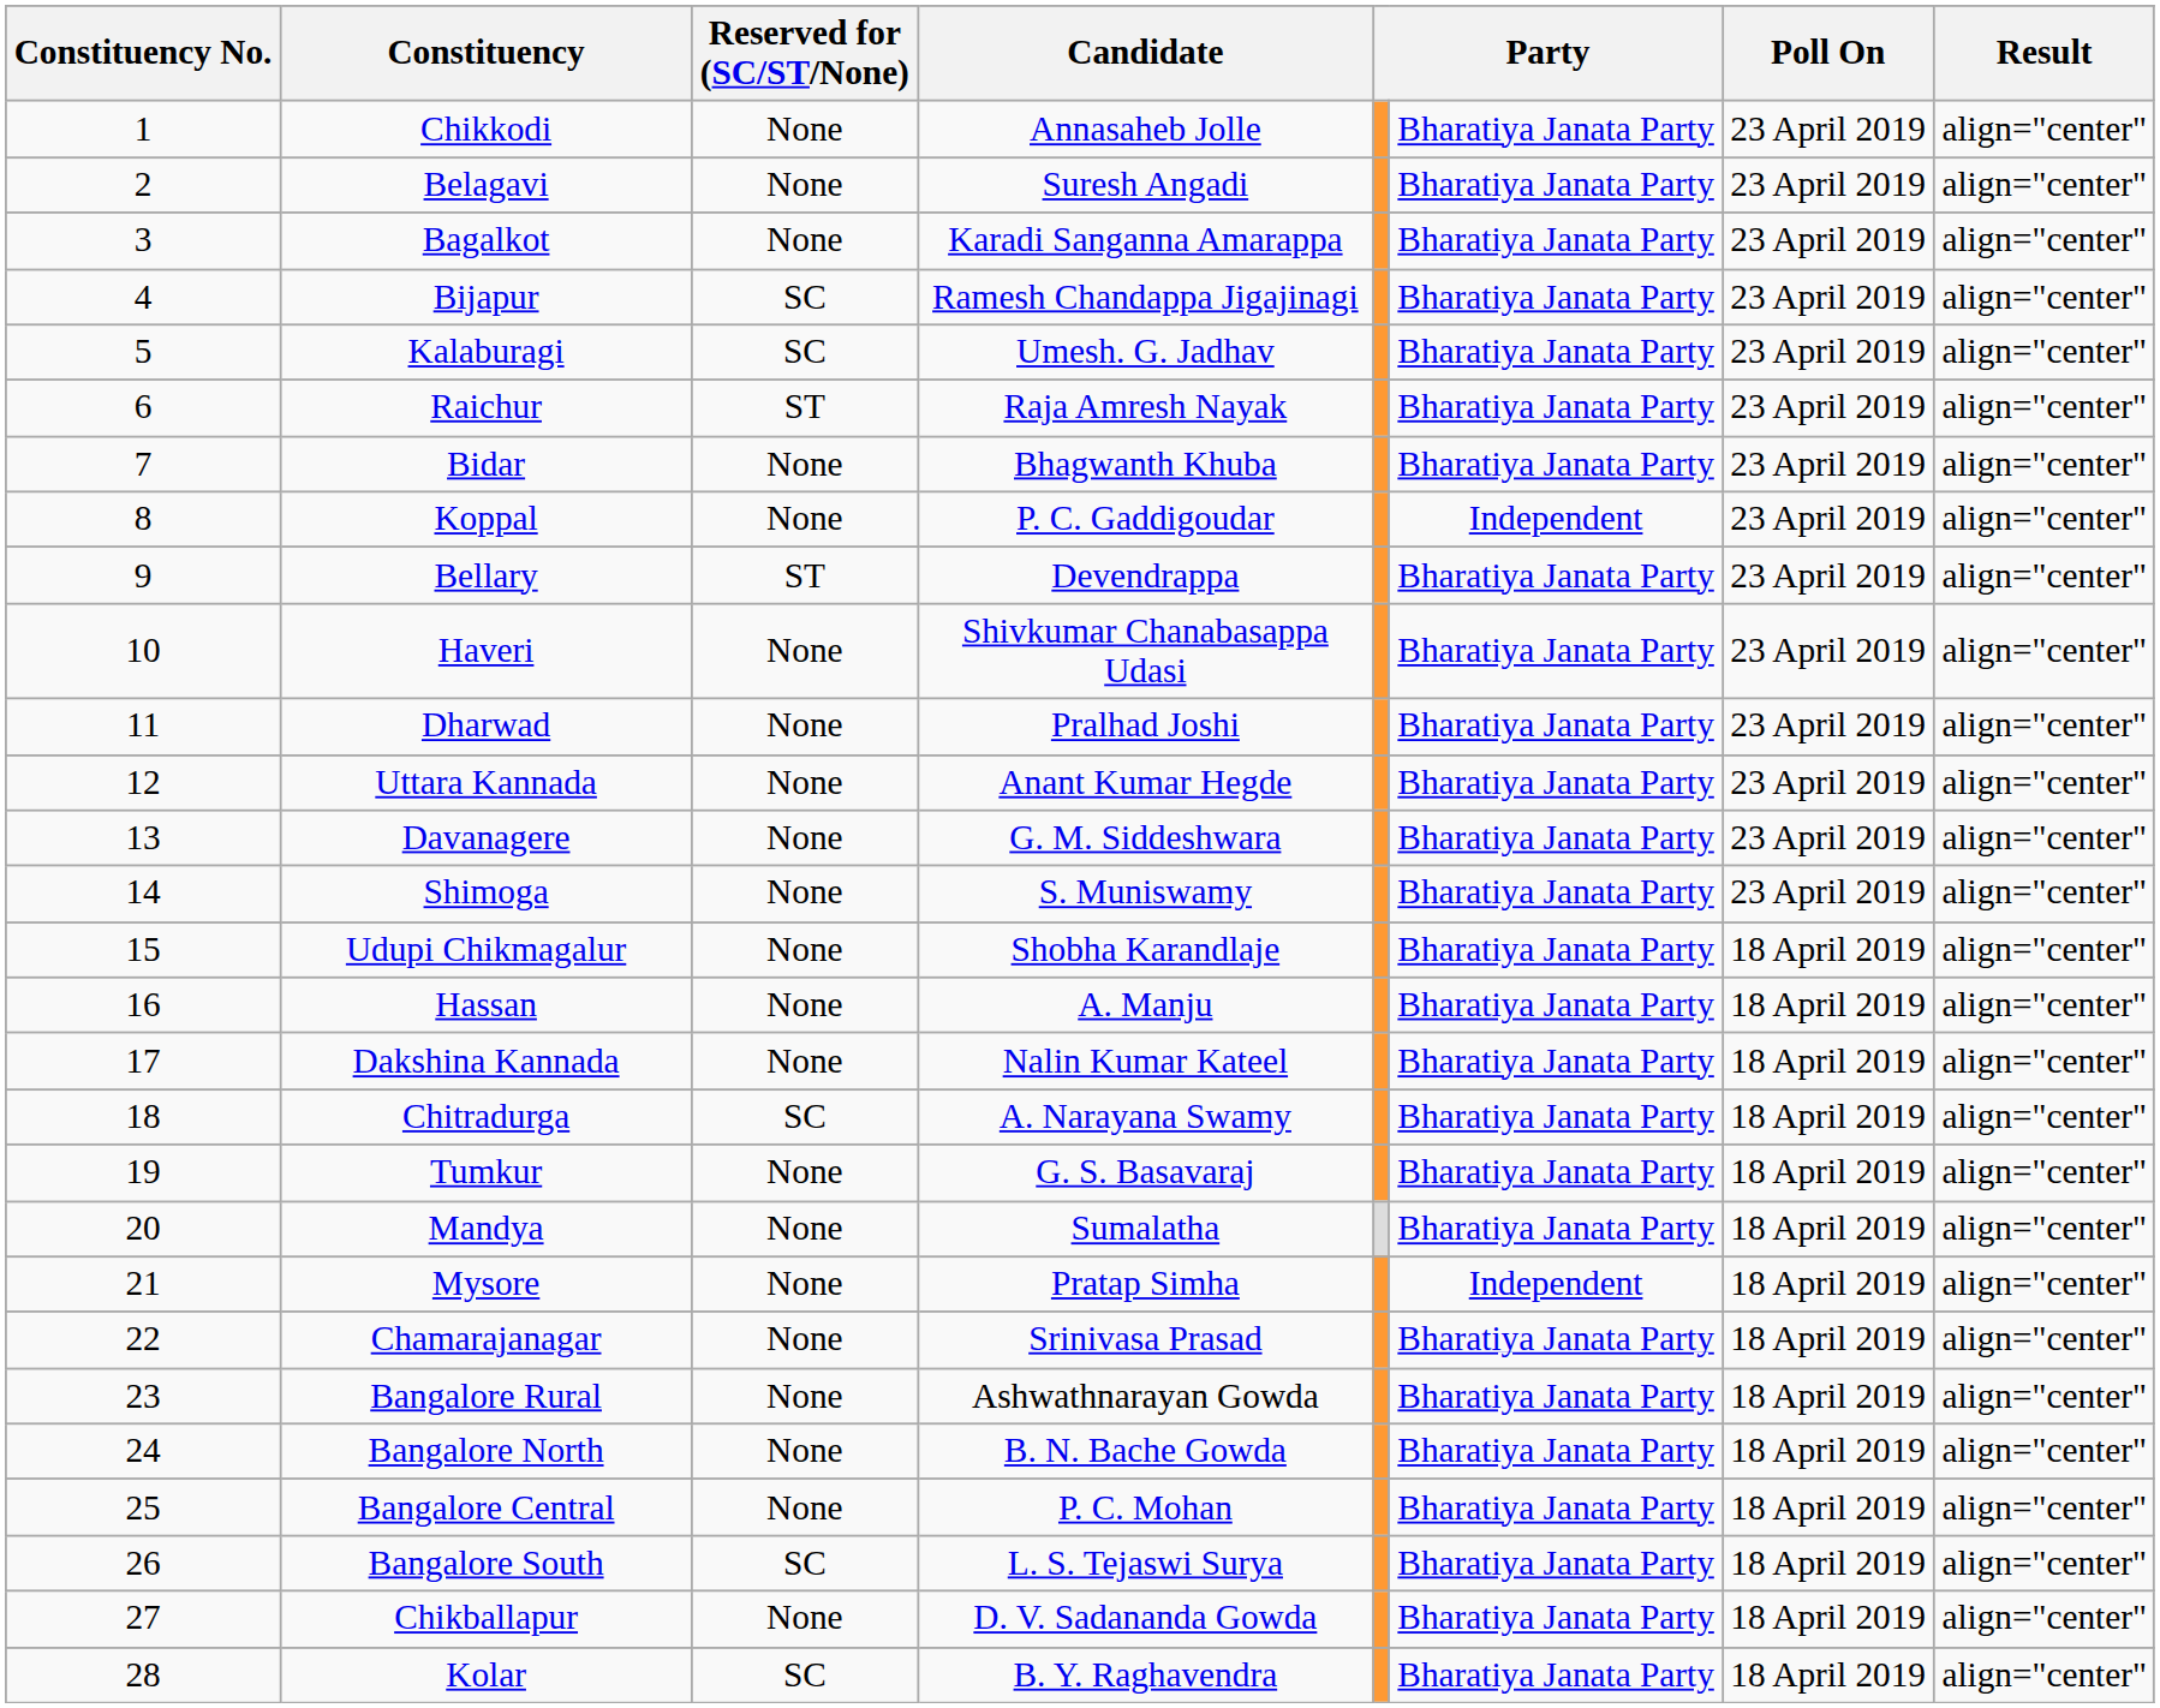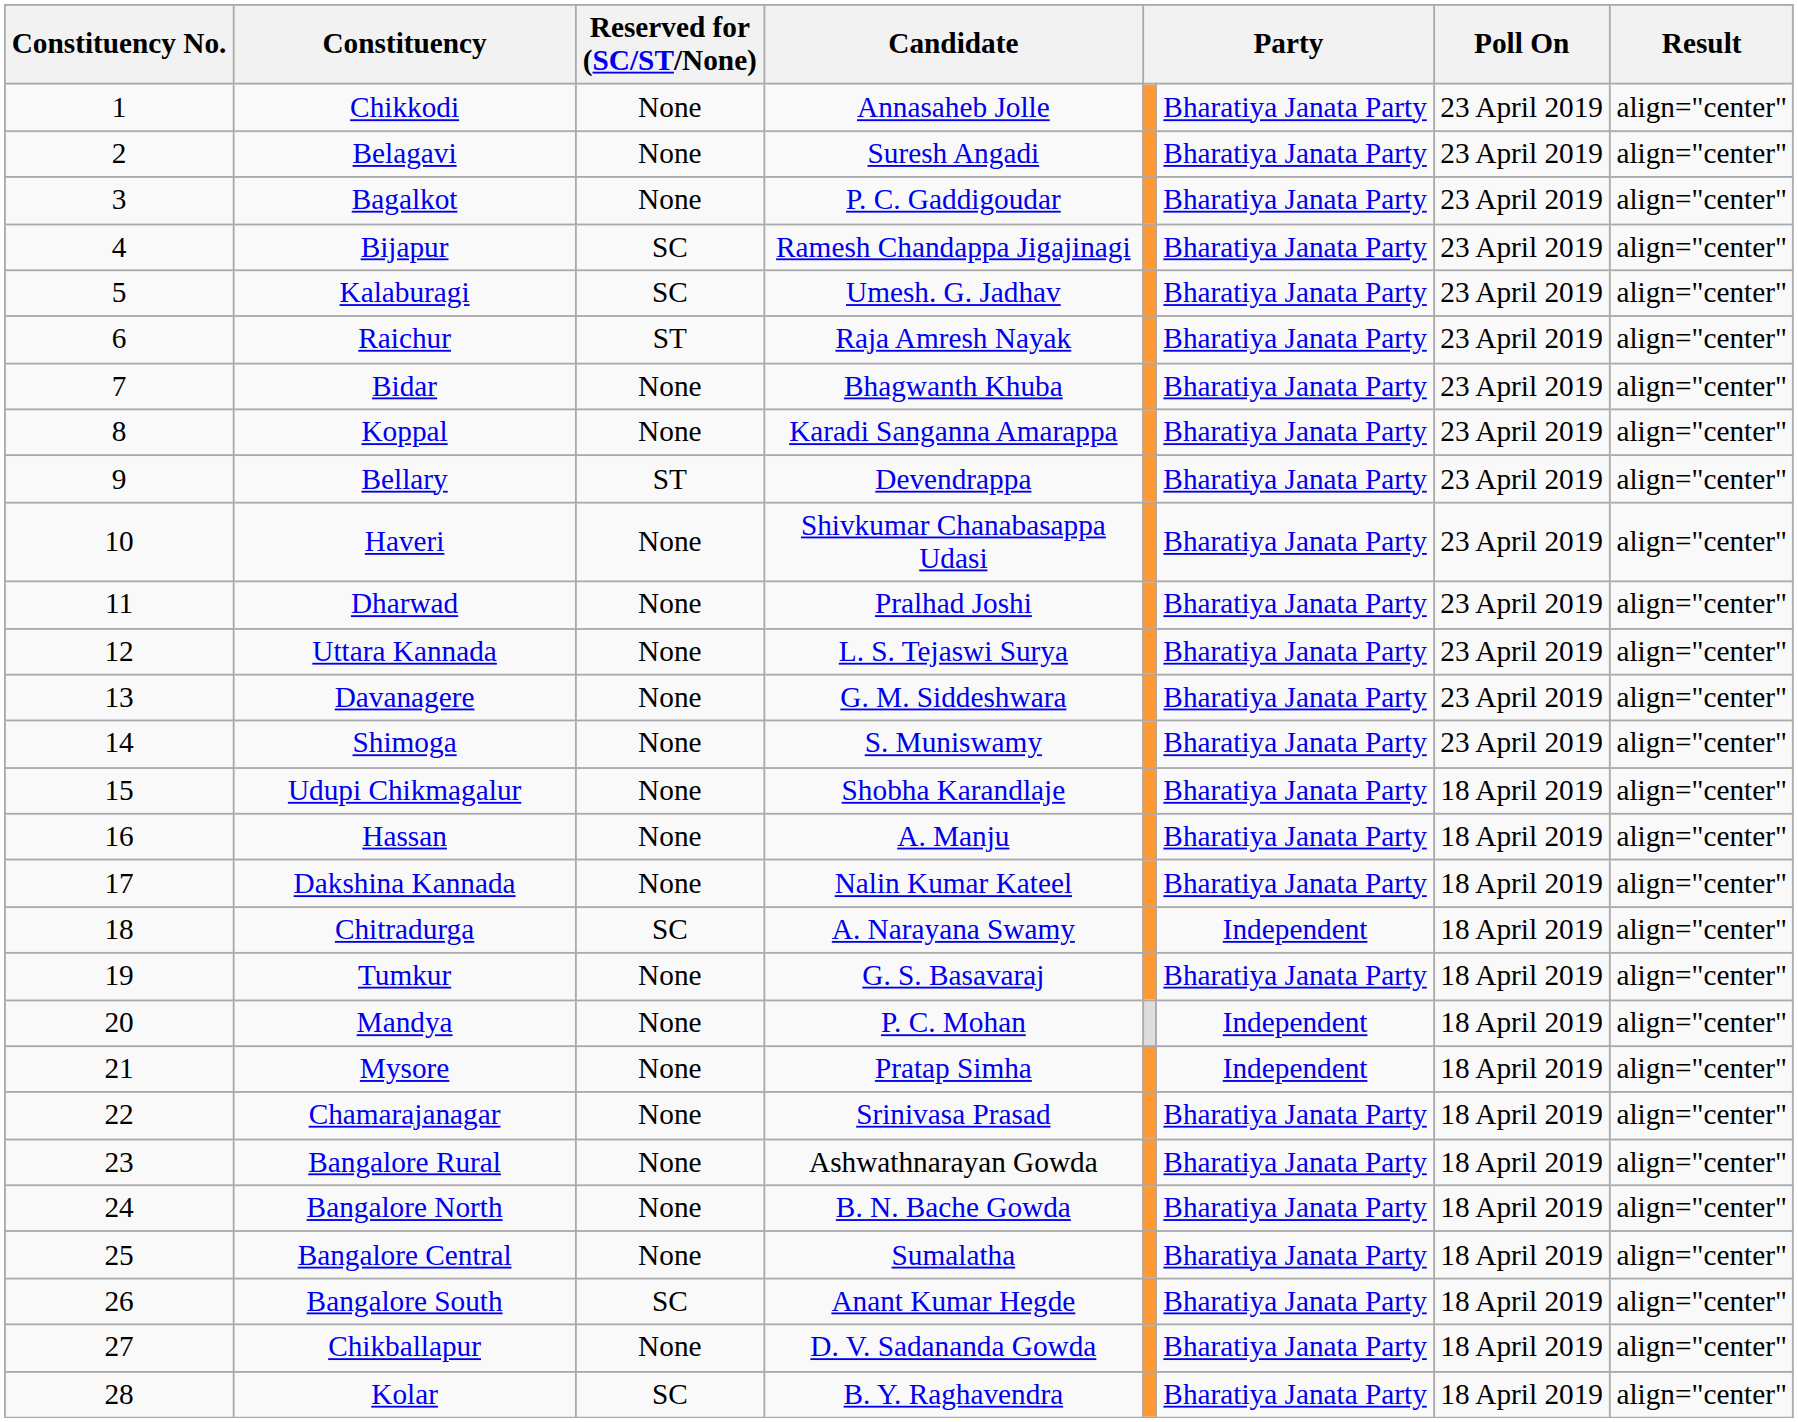 <table class="wikitable sortable" style="text-align:center;">
 <tr>
 <th>Constituency No.</th>
 <th style="width:180px;">Constituency</th>
 <th>Reserved for<br>(<a href='#'>SC/ST</a>/None)</th>
 <th style="width:200px;">Candidate</th>
 <th colspan="2">Party</th>
 <th>Poll On</th>
 <th>Result</th>
 </tr>
 <tr>
 <td align="center">1</td>
 <td><a href='#'>Chikkodi</a></td>
 <td align="center">None</td>
 <td><a href='#'>Annasaheb Jolle</a></td>
 <td bgcolor="#FF9933"></td>
 <td><a href='#'>Bharatiya Janata Party</a></td>
 <td align="center">23 April 2019</td>
 <td>align="center" </td>
 </tr>
 <tr>
 <td align="center">2</td>
 <td><a href='#'>Belagavi</a></td>
 <td align="center">None</td>
 <td><a href='#'>Suresh Angadi</a></td>
 <td bgcolor=#FF9933></td>
 <td><a href='#'>Bharatiya Janata Party</a></td>
 <td align="center">23 April 2019</td>
 <td>align="center" </td>
 </tr>
 <tr>
 <td align="center">3</td>
 <td><a href='#'>Bagalkot</a></td>
 <td align="center">None</td>
-<td><a href='#'>Karadi Sanganna Amarappa</a></td>
+<td><a href='#'>P. C. Gaddigoudar</a></td>
 <td bgcolor=#FF9933></td>
 <td><a href='#'>Bharatiya Janata Party</a></td>
 <td align="center">23 April 2019</td>
 <td>align="center" </td>
 </tr>
 <tr>
 <td align="center">4</td>
 <td><a href='#'>Bijapur</a></td>
 <td align="center">SC</td>
 <td><a href='#'>Ramesh Chandappa Jigajinagi</a></td>
 <td bgcolor=#FF9933></td>
 <td><a href='#'>Bharatiya Janata Party</a></td>
 <td align="center">23 April 2019</td>
 <td>align="center" </td>
 </tr>
 <tr>
 <td align="center">5</td>
 <td><a href='#'>Kalaburagi</a></td>
 <td align="center">SC</td>
 <td><a href='#'>Umesh. G. Jadhav</a></td>
 <td bgcolor=#FF9933></td>
 <td><a href='#'>Bharatiya Janata Party</a></td>
 <td align="center">23 April 2019</td>
 <td>align="center" </td>
 </tr>
 <tr>
 <td align="center">6</td>
 <td><a href='#'>Raichur</a></td>
 <td align="center">ST</td>
 <td><a href='#'>Raja Amresh Nayak</a></td>
 <td bgcolor="#FF9933"></td>
 <td><a href='#'>Bharatiya Janata Party</a></td>
 <td align="center">23 April 2019</td>
 <td>align="center" </td>
 </tr>
 <tr>
 <td align="center">7</td>
 <td><a href='#'>Bidar</a></td>
 <td align="center">None</td>
 <td><a href='#'>Bhagwanth Khuba</a></td>
 <td bgcolor=#FF9933></td>
 <td><a href='#'>Bharatiya Janata Party</a></td>
 <td align="center">23 April 2019</td>
 <td>align="center" </td>
 </tr>
 <tr>
 <td align="center">8</td>
 <td><a href='#'>Koppal</a></td>
 <td align="center">None</td>
-<td><a href='#'>P. C. Gaddigoudar</a></td>
+<td><a href='#'>Karadi Sanganna Amarappa</a></td>
 <td bgcolor="#FF9933"></td>
-<td><a href='#'>Independent</a></td>
+<td><a href='#'>Bharatiya Janata Party</a></td>
 <td align="center">23 April 2019</td>
 <td>align="center" </td>
 </tr>
 <tr>
 <td align="center">9</td>
 <td><a href='#'>Bellary</a></td>
 <td align="center">ST</td>
 <td><a href='#'>Devendrappa</a></td>
 <td bgcolor=#FF9933></td>
 <td><a href='#'>Bharatiya Janata Party</a></td>
 <td align="center">23 April 2019</td>
 <td>align="center" </td>
 </tr>
 <tr>
 <td align="center">10</td>
 <td><a href='#'>Haveri</a></td>
 <td align="center">None</td>
 <td><a href='#'>Shivkumar Chanabasappa Udasi</a></td>
 <td bgcolor=#FF9933></td>
 <td><a href='#'>Bharatiya Janata Party</a></td>
 <td align="center">23 April 2019</td>
 <td>align="center" </td>
 </tr>
 <tr>
 <td align="center">11</td>
 <td><a href='#'>Dharwad</a></td>
 <td align="center">None</td>
 <td><a href='#'>Pralhad Joshi</a></td>
 <td bgcolor=#FF9933></td>
 <td><a href='#'>Bharatiya Janata Party</a></td>
 <td align="center">23 April 2019</td>
 <td>align="center" </td>
 </tr>
 <tr>
 <td align="center">12</td>
 <td><a href='#'>Uttara Kannada</a></td>
 <td align="center">None</td>
-<td><a href='#'>Anant Kumar Hegde</a></td>
+<td><a href='#'>L. S. Tejaswi Surya</a></td>
 <td bgcolor=#FF9933></td>
 <td><a href='#'>Bharatiya Janata Party</a></td>
 <td align="center">23 April 2019</td>
 <td>align="center" </td>
 </tr>
 <tr>
 <td align="center">13</td>
 <td><a href='#'>Davanagere</a></td>
 <td align="center">None</td>
 <td><a href='#'>G. M. Siddeshwara</a></td>
 <td bgcolor=#FF9933></td>
 <td><a href='#'>Bharatiya Janata Party</a></td>
 <td align="center">23 April 2019</td>
 <td>align="center" </td>
 </tr>
 <tr>
 <td align="center">14</td>
 <td><a href='#'>Shimoga</a></td>
 <td align="center">None</td>
 <td><a href='#'>S. Muniswamy</a></td>
 <td bgcolor=#FF9933></td>
 <td><a href='#'>Bharatiya Janata Party</a></td>
 <td align="center">23 April 2019</td>
 <td>align="center" </td>
 </tr>
 <tr>
 <td align="center">15</td>
 <td><a href='#'>Udupi Chikmagalur</a></td>
 <td align="center">None</td>
 <td><a href='#'>Shobha Karandlaje</a></td>
 <td bgcolor=#FF9933></td>
 <td><a href='#'>Bharatiya Janata Party</a></td>
 <td align="center">18 April 2019</td>
 <td>align="center" </td>
 </tr>
 <tr>
 <td align="center">16</td>
 <td><a href='#'>Hassan</a></td>
 <td align="center">None</td>
 <td><a href='#'>A. Manju</a></td>
 <td bgcolor=#FF9933></td>
 <td><a href='#'>Bharatiya Janata Party</a></td>
 <td align="center">18 April 2019</td>
 <td>align="center" </td>
 </tr>
 <tr>
 <td align="center">17</td>
 <td><a href='#'>Dakshina Kannada</a></td>
 <td align="center">None</td>
 <td><a href='#'>Nalin Kumar Kateel</a></td>
 <td bgcolor=#FF9933></td>
 <td><a href='#'>Bharatiya Janata Party</a></td>
 <td align="center">18 April 2019</td>
 <td>align="center" </td>
 </tr>
 <tr>
 <td align="center">18</td>
 <td><a href='#'>Chitradurga</a></td>
 <td align="center">SC</td>
 <td><a href='#'>A. Narayana Swamy</a></td>
 <td bgcolor=#FF9933></td>
-<td><a href='#'>Bharatiya Janata Party</a></td>
+<td><a href='#'>Independent</a></td>
 <td align="center">18 April 2019</td>
 <td>align="center" </td>
 </tr>
 <tr>
 <td align="center">19</td>
 <td><a href='#'>Tumkur</a></td>
 <td align="center">None</td>
 <td><a href='#'>G. S. Basavaraj</a></td>
 <td bgcolor=#FF9933></td>
 <td><a href='#'>Bharatiya Janata Party</a></td>
 <td align="center">18 April 2019</td>
 <td>align="center" </td>
 </tr>
 <tr>
 <td align="center">20</td>
 <td><a href='#'>Mandya</a></td>
 <td align="center">None</td>
-<td><a href='#'>Sumalatha</a></td>
+<td><a href='#'>P. C. Mohan</a></td>
 <td bgcolor=#DDDDDD></td>
-<td><a href='#'>Bharatiya Janata Party</a></td>
+<td><a href='#'>Independent</a></td>
 <td align="center">18 April 2019</td>
 <td>align="center" </td>
 </tr>
 <tr>
 <td align="center">21</td>
 <td><a href='#'>Mysore</a></td>
 <td align="center">None</td>
 <td><a href='#'>Pratap Simha</a></td>
 <td bgcolor=#FF9933></td>
 <td><a href='#'>Independent</a></td>
 <td align="center">18 April 2019</td>
 <td>align="center" </td>
 </tr>
 <tr>
 <td align="center">22</td>
 <td><a href='#'>Chamarajanagar</a></td>
 <td align="center">None</td>
 <td><a href='#'>Srinivasa Prasad</a></td>
 <td bgcolor=#FF9933></td>
 <td><a href='#'>Bharatiya Janata Party</a></td>
 <td align="center">18 April 2019</td>
 <td>align="center" </td>
 </tr>
 <tr>
 <td align="center">23</td>
 <td><a href='#'>Bangalore Rural</a></td>
 <td align="center">None</td>
 <td>Ashwathnarayan Gowda</td>
 <td bgcolor=#FF9933></td>
 <td><a href='#'>Bharatiya Janata Party</a></td>
 <td align="center">18 April 2019</td>
 <td>align="center" </td>
 </tr>
 <tr>
 <td align="center">24</td>
 <td><a href='#'>Bangalore North</a></td>
 <td align="center">None</td>
 <td><a href='#'>B. N. Bache Gowda</a></td>
 <td bgcolor=#FF9933></td>
 <td><a href='#'>Bharatiya Janata Party</a></td>
 <td align="center">18 April 2019</td>
 <td>align="center" </td>
 </tr>
 <tr>
 <td align="center">25</td>
 <td><a href='#'>Bangalore Central</a></td>
 <td align="center">None</td>
-<td><a href='#'>P. C. Mohan</a></td>
+<td><a href='#'>Sumalatha</a></td>
 <td bgcolor=#FF9933></td>
 <td><a href='#'>Bharatiya Janata Party</a></td>
 <td align="center">18 April 2019</td>
 <td>align="center" </td>
 </tr>
 <tr>
 <td align="center">26</td>
 <td><a href='#'>Bangalore South</a></td>
 <td align="center">SC</td>
-<td><a href='#'>L. S. Tejaswi Surya</a></td>
+<td><a href='#'>Anant Kumar Hegde</a></td>
 <td bgcolor="#FF9933"></td>
 <td><a href='#'>Bharatiya Janata Party</a></td>
 <td align="center">18 April 2019</td>
 <td>align="center" </td>
 </tr>
 <tr>
 <td align="center">27</td>
 <td><a href='#'>Chikballapur</a></td>
 <td align="center">None</td>
 <td><a href='#'>D. V. Sadananda Gowda</a></td>
 <td bgcolor=#FF9933></td>
 <td><a href='#'>Bharatiya Janata Party</a></td>
 <td align="center">18 April 2019</td>
 <td>align="center" </td>
 </tr>
 <tr>
 <td align="center">28</td>
 <td><a href='#'>Kolar</a></td>
 <td align="center">SC</td>
 <td><a href='#'>B. Y. Raghavendra</a></td>
 <td bgcolor=#FF9933></td>
 <td><a href='#'>Bharatiya Janata Party</a></td>
 <td align="center">18 April 2019</td>
 <td>align="center" </td>
 </tr>
 </table>
